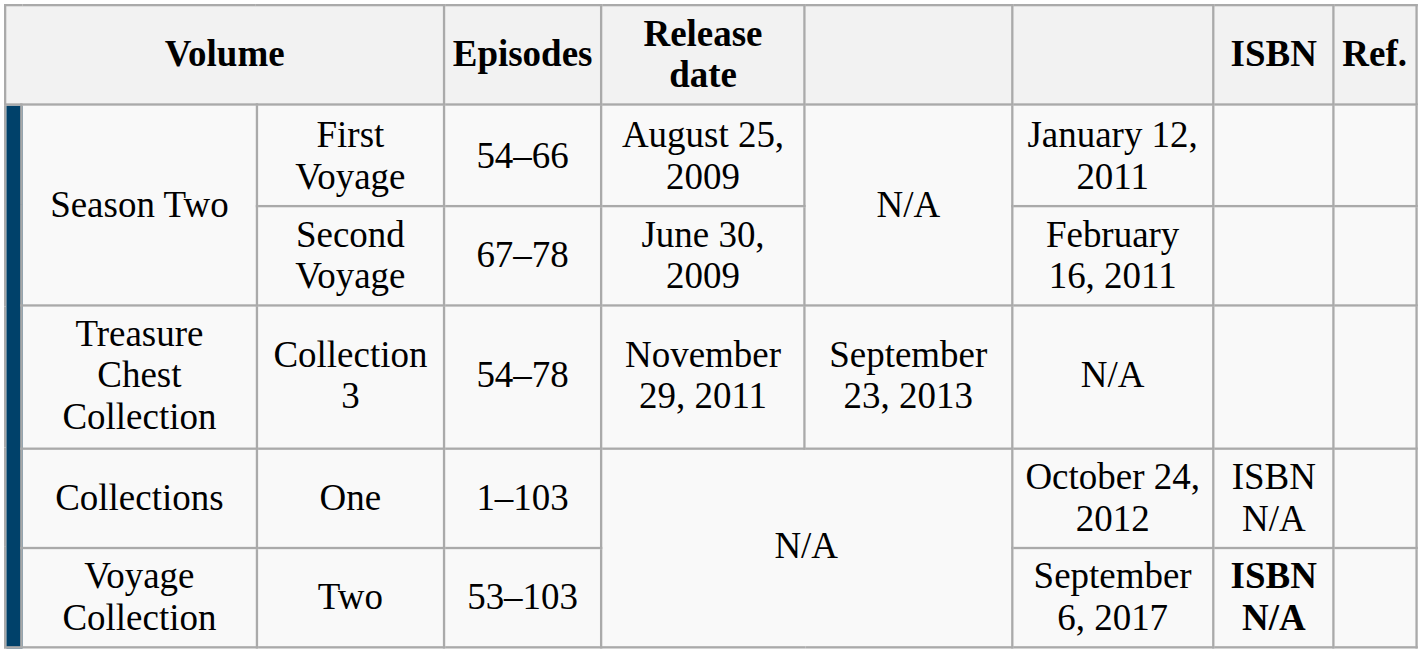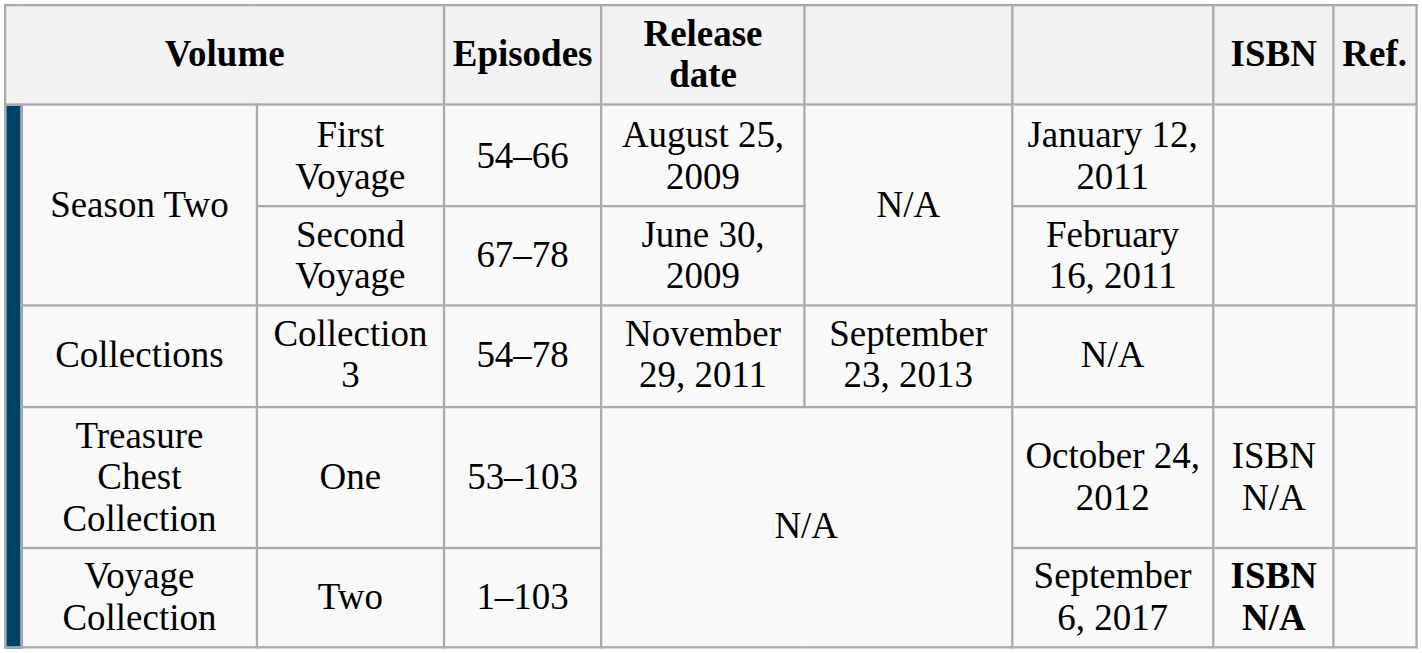 <table class="wikitable" style="text-align: center; width: 98%;">
 <tr>
 <th colspan="3">Volume</th>
 <th>Episodes</th>
 <th>Release date</th>
 <th></th>
 <th></th>
 <th>ISBN</th>
 <th width="5%">Ref.</th>
 </tr>
 <tr>
 <td rowspan="186" style="background: #00416A;" width="1%"></td>
 <td rowspan="2">Season Two</td>
 <td>First Voyage</td>
 <td>54–66</td>
 <td>August 25, 2009</td>
 <td rowspan="2">N/A</td>
 <td>January 12, 2011</td>
 <td></td>
 <td></td>
 </tr>
 <tr>
 <td>Second Voyage</td>
 <td>67–78</td>
 <td>June 30, 2009</td>
 <td>February 16, 2011</td>
 <td></td>
 <td></td>
 </tr>
 <tr>
-<td>Treasure Chest Collection</td>
+<td rowspan="1">Collections</td>
 <td>Collection 3</td>
 <td>54–78</td>
 <td>November 29, 2011</td>
 <td>September 23, 2013</td>
 <td>N/A</td>
 <td></td>
 <td></td>
 </tr>
 <tr>
-<td rowspan="1">Collections</td>
+<td>Treasure Chest Collection</td>
 <td>One</td>
-<td>1–103</td>
+<td>53–103</td>
 <td colspan="2" rowspan="2">N/A</td>
 <td>October 24, 2012</td>
 <td>ISBN N/A</td>
 <td></td>
 </tr>
 <tr>
 <td>Voyage Collection</td>
 <td>Two</td>
-<td>53–103</td>
+<td>1–103</td>
 <td>September 6, 2017</td>
 <td><strong>ISBN N/A</strong></td>
 <td></td>
 </tr>
 </table>
